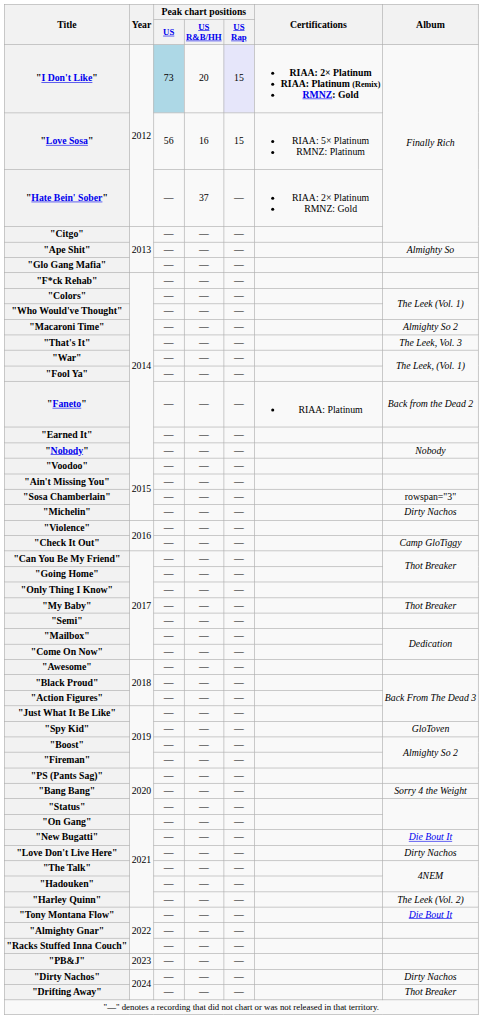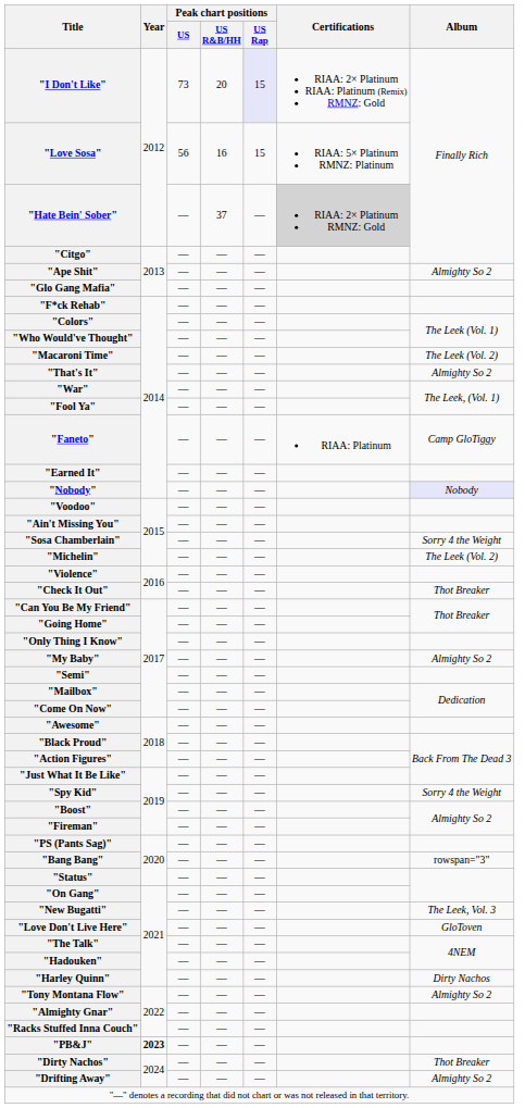 <table class="wikitable plainrowheaders" style="text-align:center;">
 <tr>
 <th scope="col" rowspan=2>Title</th>
 <th scope="col" rowspan=2>Year</th>
 <th scope="col" colspan=3>Peak chart positions</th>
 <th scope-"col" rowspan=2>Certifications</th>
 <th scope="col" rowspan=2>Album</th>
 </tr>
 <tr>
 <th scope="col" style="width:3em;font-size:90%;"><a href='#'>US</a><br></th>
 <th scope="col" style="width:3em;font-size:90%;"><a href='#'>US<br>R&B/HH</a><br></th>
 <th scope="col" style="width:3em;font-size:90%;"><a href='#'>US<br>Rap</a><br></th>
 </tr>
 <tr>
 <th scope="row">"<a href='#'>I Don't Like</a>"<br></th>
 <td rowspan="3">2012</td>
-<td style="background: lightblue;">73</td>
+<td>73</td>
 <td>20</td>
 <td style="background: lavender;">15</td>
-<td><strong><br><ul><li>RIAA: 2× Platinum</li><li>RIAA: Platinum <small>(Remix)</small></li><li><a href='#'>RMNZ</a>: Gold</li></ul></strong></td>
+<td><br><ul><li>RIAA: 2× Platinum</li><li>RIAA: Platinum <small>(Remix)</small></li><li><a href='#'>RMNZ</a>: Gold</li></ul></td>
 <td rowspan="4"><em>Finally Rich</em></td>
 </tr>
 <tr>
 <th scope="row">"<a href='#'>Love Sosa</a>"</th>
 <td>56</td>
 <td>16</td>
 <td>15</td>
 <td><br><ul><li>RIAA: 5× Platinum</li><li>RMNZ: Platinum</li></ul></td>
 </tr>
 <tr>
 <th scope="row">"<a href='#'>Hate Bein' Sober</a>"<br></th>
 <td>—</td>
 <td>37</td>
 <td>—</td>
-<td><br><ul><li>RIAA: 2× Platinum</li><li>RMNZ: Gold</li></ul></td>
+<td style="background: lightgrey;"><br><ul><li>RIAA: 2× Platinum</li><li>RMNZ: Gold</li></ul></td>
 </tr>
 <tr>
 <th scope="row">"Citgo"</th>
 <td rowspan="3">2013</td>
 <td>—</td>
 <td>—</td>
 <td>—</td>
 </tr>
 <tr>
 <th scope="row">"Ape Shit"</th>
 <td>—</td>
 <td>—</td>
 <td>—</td>
 <td></td>
-<td><em>Almighty So</em></td>
+<td><em>Almighty So 2</em></td>
 </tr>
 <tr>
 <th scope="row">"Glo Gang Mafia"<br></th>
 <td>—</td>
 <td>—</td>
 <td>—</td>
 <td></td>
 <td></td>
 </tr>
 <tr>
 <th scope="row">"F*ck Rehab"<br></th>
 <td rowspan="10">2014</td>
 <td>—</td>
 <td>—</td>
 <td>—</td>
 <td></td>
 <td></td>
 </tr>
 <tr>
 <th scope="row">"Colors"</th>
 <td>—</td>
 <td>—</td>
 <td>—</td>
 <td></td>
 <td rowspan="2"><em>The Leek (Vol. 1)</em></td>
 </tr>
 <tr>
 <th scope="row">"Who Would've Thought"<br></th>
 <td>—</td>
 <td>—</td>
 <td>—</td>
 <td></td>
 </tr>
 <tr>
 <th scope="row">"Macaroni Time"</th>
 <td>—</td>
 <td>—</td>
 <td>—</td>
 <td></td>
-<td><em>Almighty So 2</em></td>
+<td><em>The Leek (Vol. 2)</em></td>
 </tr>
 <tr>
 <th scope="row">"That's It"</th>
 <td>—</td>
 <td>—</td>
 <td>—</td>
 <td></td>
-<td><em>The Leek, Vol. 3</em></td>
+<td><em>Almighty So 2</em></td>
 </tr>
 <tr>
 <th scope="row">"War"</th>
 <td>—</td>
 <td>—</td>
 <td>—</td>
 <td></td>
 <td rowspan="2"><em>The Leek, (Vol. 1)</em></td>
 </tr>
 <tr>
 <th scope="row">"Fool Ya"</th>
 <td>—</td>
 <td>—</td>
 <td>—</td>
 <td></td>
 </tr>
 <tr>
 <th scope="row">"<a href='#'>Faneto</a>"</th>
 <td>—</td>
 <td>—</td>
 <td>—</td>
 <td><br><ul><li>RIAA: Platinum</li></ul></td>
-<td><em>Back from the Dead 2</em></td>
+<td><em>Camp GloTiggy</em></td>
 </tr>
 <tr>
 <th scope="row">"Earned It"</th>
 <td>—</td>
 <td>—</td>
 <td>—</td>
 <td></td>
 <td></td>
 </tr>
 <tr>
 <th scope="row">"<a href='#'>Nobody</a>"<br></th>
 <td>—</td>
 <td>—</td>
 <td>—</td>
 <td></td>
-<td><em>Nobody</em></td>
+<td style="background: lavender;"><em>Nobody</em></td>
 </tr>
 <tr>
 <th scope="row">"Voodoo"</th>
 <td rowspan="4">2015</td>
 <td>—</td>
 <td>—</td>
 <td>—</td>
 <td></td>
 <td></td>
 </tr>
 <tr>
 <th scope="row">"Ain't Missing You"<br></th>
 <td>—</td>
 <td>—</td>
 <td>—</td>
 <td></td>
 <td></td>
 </tr>
 <tr>
 <th scope="row">"Sosa Chamberlain"</th>
 <td>—</td>
 <td>—</td>
 <td>—</td>
 <td></td>
-<td>rowspan="3" </td>
+<td><em>Sorry 4 the Weight</em></td>
 </tr>
 <tr>
 <th scope="row">"Michelin"<br></th>
 <td>—</td>
 <td>—</td>
 <td>—</td>
 <td></td>
-<td><em>Dirty Nachos</em></td>
+<td><em>The Leek (Vol. 2)</em></td>
 </tr>
 <tr>
 <th scope="row">"Violence"<br></th>
 <td rowspan="2">2016</td>
 <td>—</td>
 <td>—</td>
 <td>—</td>
 <td></td>
 <td></td>
 </tr>
 <tr>
 <th scope="row">"Check It Out"</th>
 <td>—</td>
 <td>—</td>
 <td>—</td>
 <td></td>
-<td><em>Camp GloTiggy</em></td>
+<td><em>Thot Breaker</em></td>
 </tr>
 <tr>
 <th scope="row">"Can You Be My Friend"</th>
 <td rowspan="7">2017</td>
 <td>—</td>
 <td>—</td>
 <td>—</td>
 <td></td>
 <td rowspan="2"><em>Thot Breaker</em></td>
 </tr>
 <tr>
 <th scope="row">"Going Home"</th>
 <td>—</td>
 <td>—</td>
 <td>—</td>
 <td></td>
 </tr>
 <tr>
 <th scope="row">"Only Thing I Know"<br></th>
 <td>—</td>
 <td>—</td>
 <td>—</td>
 <td></td>
 <td></td>
 </tr>
 <tr>
 <th scope="row">"My Baby"</th>
 <td>—</td>
 <td>—</td>
 <td>—</td>
 <td></td>
-<td><em>Thot Breaker</em></td>
+<td><em>Almighty So 2</em></td>
 </tr>
 <tr>
 <th scope="row">"Semi"</th>
 <td>—</td>
 <td>—</td>
 <td>—</td>
 <td></td>
 <td></td>
 </tr>
 <tr>
 <th scope="row">"Mailbox"</th>
 <td>—</td>
 <td>—</td>
 <td>—</td>
 <td></td>
 <td rowspan="2"><em>Dedication</em></td>
 </tr>
 <tr>
 <th scope="row">"Come On Now"<br></th>
 <td>—</td>
 <td>—</td>
 <td>—</td>
 <td></td>
 </tr>
 <tr>
 <th scope="row">"Awesome"</th>
 <td rowspan="3">2018</td>
 <td>—</td>
 <td>—</td>
 <td>—</td>
 <td></td>
 <td></td>
 </tr>
 <tr>
 <th scope="row">"Black Proud"</th>
 <td>—</td>
 <td>—</td>
 <td>—</td>
 <td></td>
 <td rowspan="3"><em>Back From The Dead 3</em></td>
 </tr>
 <tr>
 <th scope="row">"Action Figures"</th>
 <td>—</td>
 <td>—</td>
 <td>—</td>
 <td></td>
 </tr>
 <tr>
 <th scope="row">"Just What It Be Like"</th>
 <td rowspan="4">2019</td>
 <td>—</td>
 <td>—</td>
 <td>—</td>
 <td></td>
 </tr>
 <tr>
 <th scope="row">"Spy Kid"<br></th>
 <td>—</td>
 <td>—</td>
 <td>—</td>
 <td></td>
-<td><em>GloToven</em></td>
+<td><em>Sorry 4 the Weight</em></td>
 </tr>
 <tr>
 <th scope="row">"Boost"</th>
 <td>—</td>
 <td>—</td>
 <td>—</td>
 <td></td>
 <td rowspan="2"><em>Almighty So 2</em></td>
 </tr>
 <tr>
 <th scope="row">"Fireman"<br></th>
 <td>—</td>
 <td>—</td>
 <td>—</td>
 <td></td>
 </tr>
 <tr>
 <th scope="row">"PS (Pants Sag)"<br></th>
 <td rowspan="3">2020</td>
 <td>—</td>
 <td>—</td>
 <td>—</td>
 <td></td>
 <td></td>
 </tr>
 <tr>
 <th scope="row">"Bang Bang"<br></th>
 <td>—</td>
 <td>—</td>
 <td>—</td>
 <td></td>
-<td><em>Sorry 4 the Weight</em></td>
+<td>rowspan="3" </td>
 </tr>
 <tr>
 <th scope="row">"Status"<br></th>
 <td>—</td>
 <td>—</td>
 <td>—</td>
 <td></td>
 </tr>
 <tr>
 <th scope="row">"On Gang"<br></th>
 <td rowspan="6">2021</td>
 <td>—</td>
 <td>—</td>
 <td>—</td>
 <td></td>
 </tr>
 <tr>
 <th scope="row">"New Bugatti"<br></th>
 <td>—</td>
 <td>—</td>
 <td>—</td>
 <td></td>
-<td><em><a href='#'>Die Bout It</a></em></td>
+<td><em>The Leek, Vol. 3</em></td>
 </tr>
 <tr>
 <th scope="row">"Love Don't Live Here"<br></th>
 <td>—</td>
 <td>—</td>
 <td>—</td>
 <td></td>
-<td><em>Dirty Nachos</em></td>
+<td><em>GloToven</em></td>
 </tr>
 <tr>
 <th scope="row">"The Talk"</th>
 <td>—</td>
 <td>—</td>
 <td>—</td>
 <td></td>
 <td rowspan="2"><em>4NEM</em></td>
 </tr>
 <tr>
 <th scope="row">"Hadouken"</th>
 <td>—</td>
 <td>—</td>
 <td>—</td>
 <td></td>
 </tr>
 <tr>
 <th scope="row">"Harley Quinn"<br></th>
 <td>—</td>
 <td>—</td>
 <td>—</td>
 <td></td>
-<td><em>The Leek (Vol. 2)</em></td>
+<td><em>Dirty Nachos</em></td>
 </tr>
 <tr>
 <th scope="row">"Tony Montana Flow"</th>
 <td rowspan="3">2022</td>
 <td>—</td>
 <td>—</td>
 <td>—</td>
 <td></td>
-<td><em><a href='#'>Die Bout It</a></em></td>
+<td><em>Almighty So 2</em></td>
 </tr>
 <tr>
 <th scope="row">"Almighty Gnar"<br></th>
 <td>—</td>
 <td>—</td>
 <td>—</td>
 <td></td>
 <td></td>
 </tr>
 <tr>
 <th scope="row">"Racks Stuffed Inna Couch"</th>
 <td>—</td>
 <td>—</td>
 <td>—</td>
 <td></td>
 <td></td>
 </tr>
 <tr>
 <th scope="row">"PB&J"<br></th>
-<td>2023</td>
+<td><strong>2023</strong></td>
 <td>—</td>
 <td>—</td>
 <td>—</td>
 <td></td>
 <td></td>
 </tr>
 <tr>
 <th scope="row">"Dirty Nachos"<br></th>
 <td rowspan="2">2024</td>
 <td>—</td>
 <td>—</td>
 <td>—</td>
 <td></td>
-<td><em>Dirty Nachos</em></td>
+<td><em>Thot Breaker</em></td>
 </tr>
 <tr>
 <th scope="row">"Drifting Away"</th>
 <td>—</td>
 <td>—</td>
 <td>—</td>
 <td></td>
-<td><em>Thot Breaker</em></td>
+<td><em>Almighty So 2</em></td>
 </tr>
 <tr>
 <td colspan="7" style="font-size:90%">"—" denotes a recording that did not chart or was not released in that territory.</td>
 </tr>
 </table>
